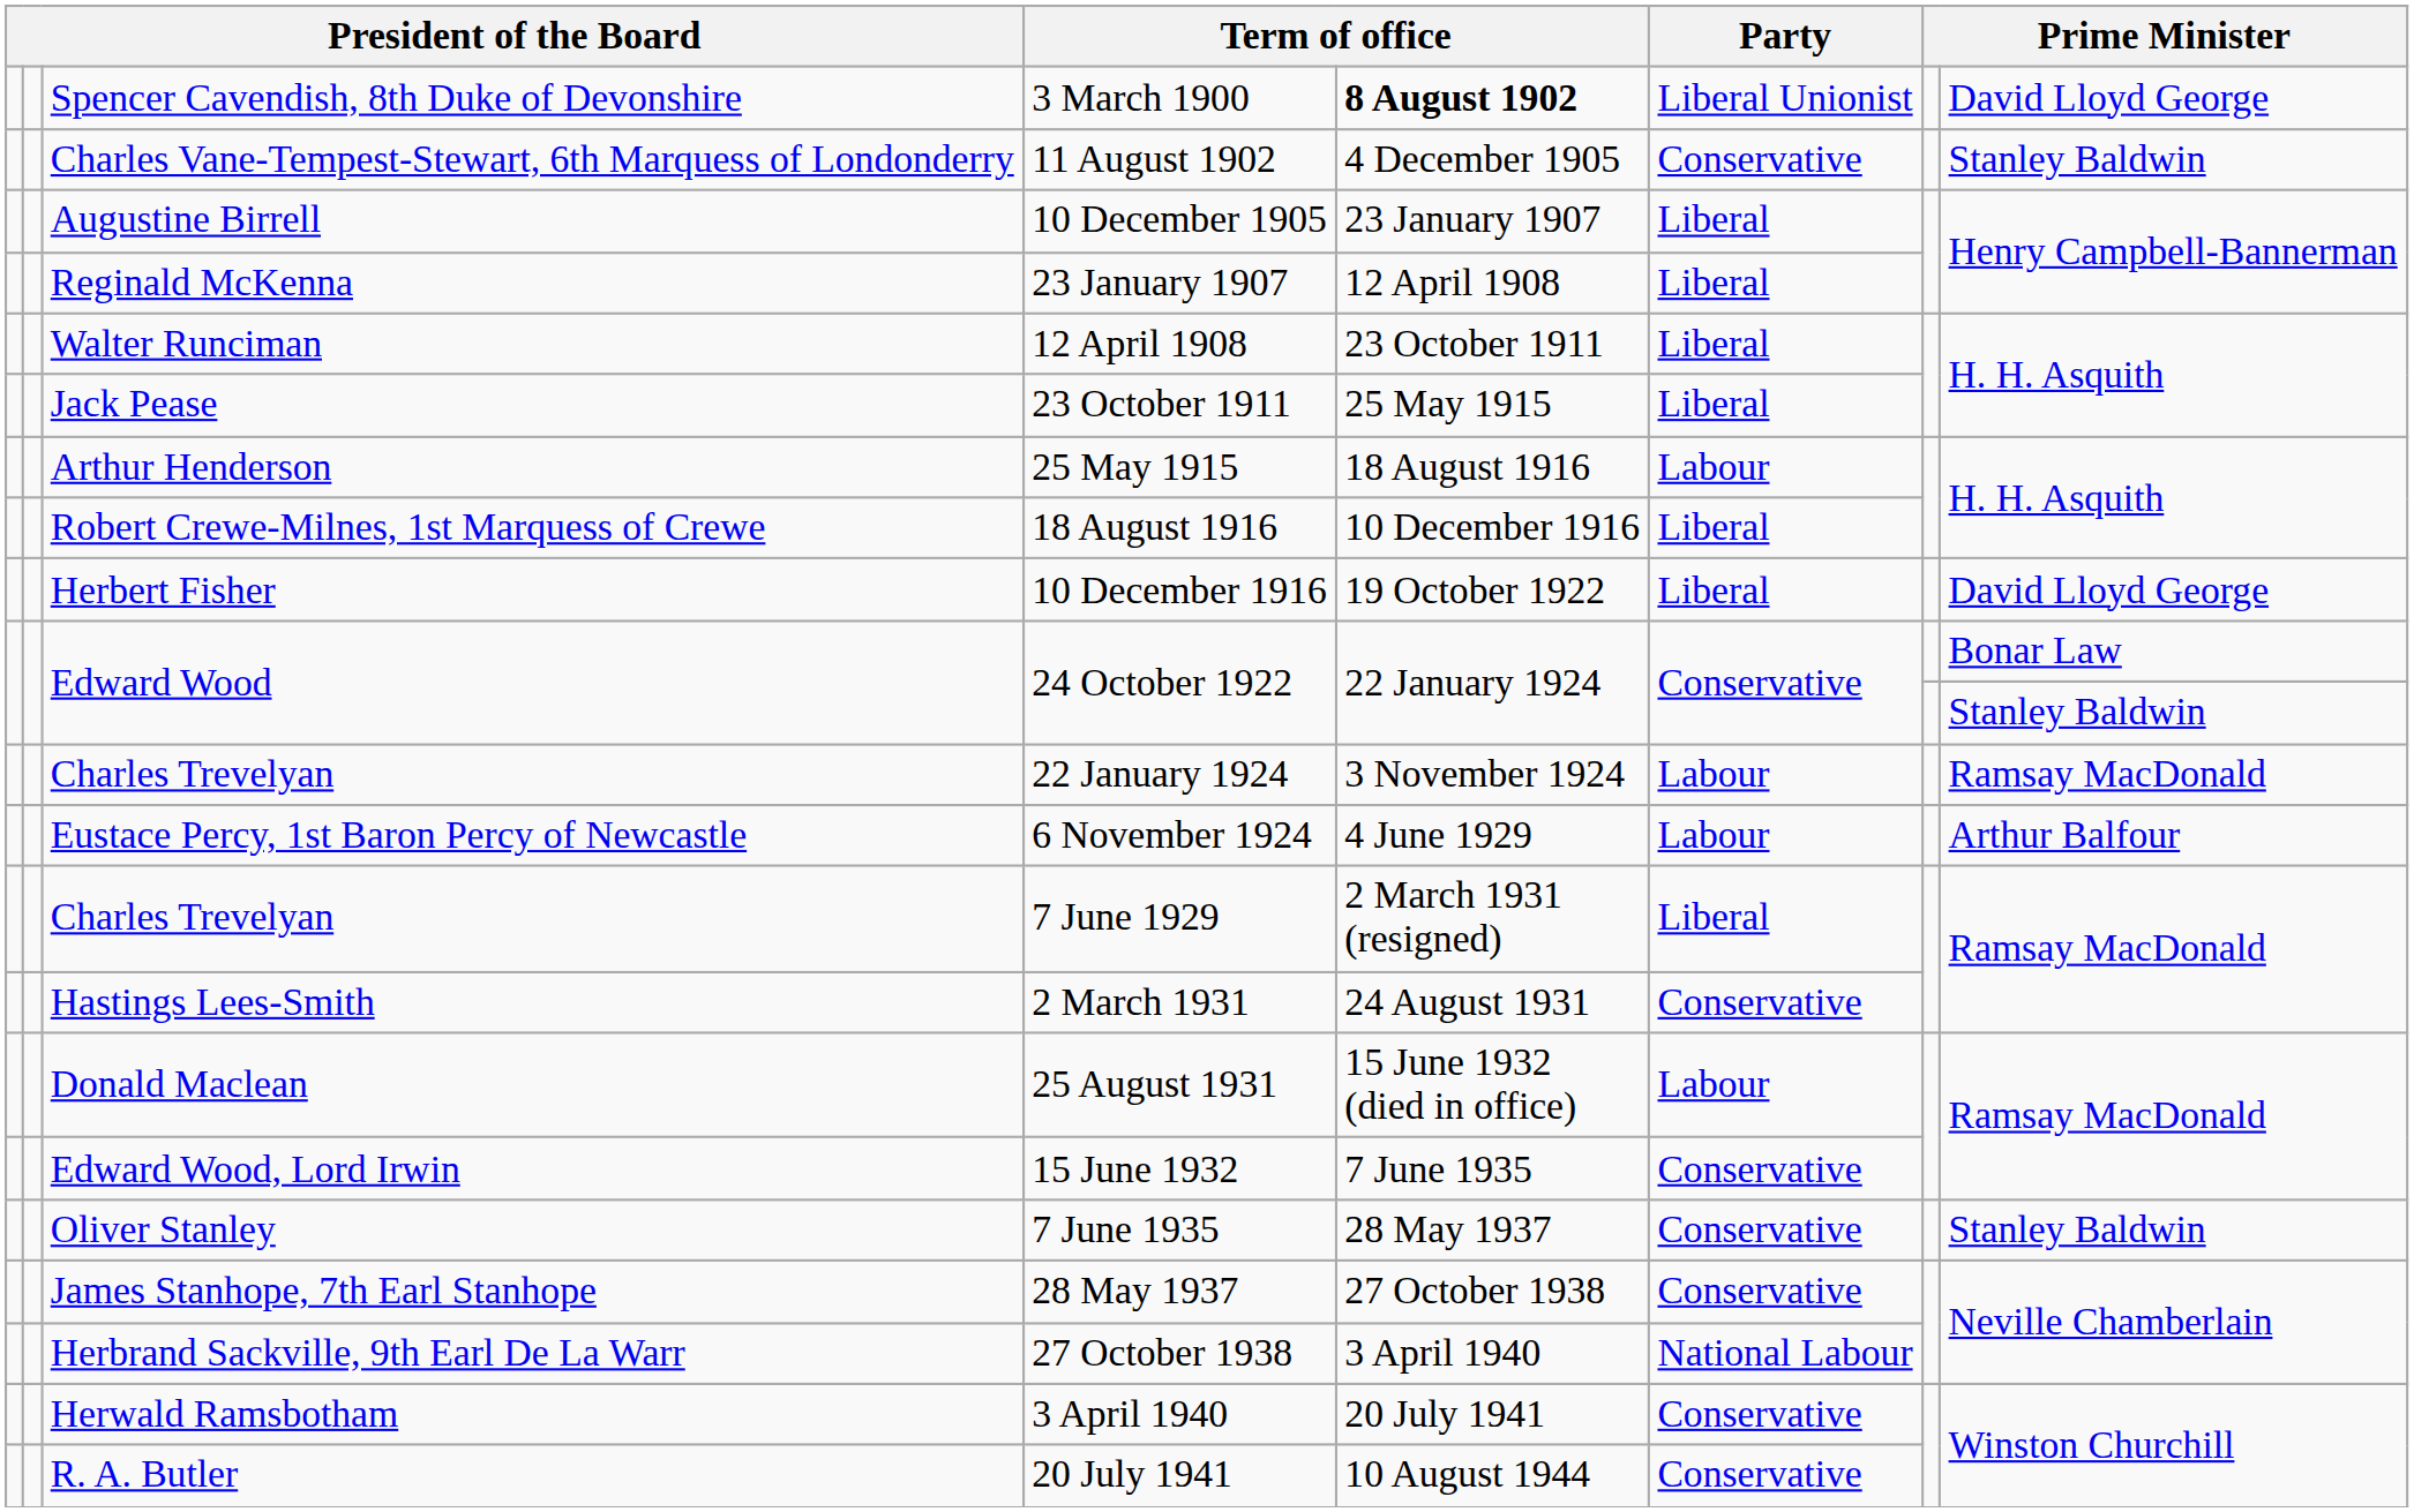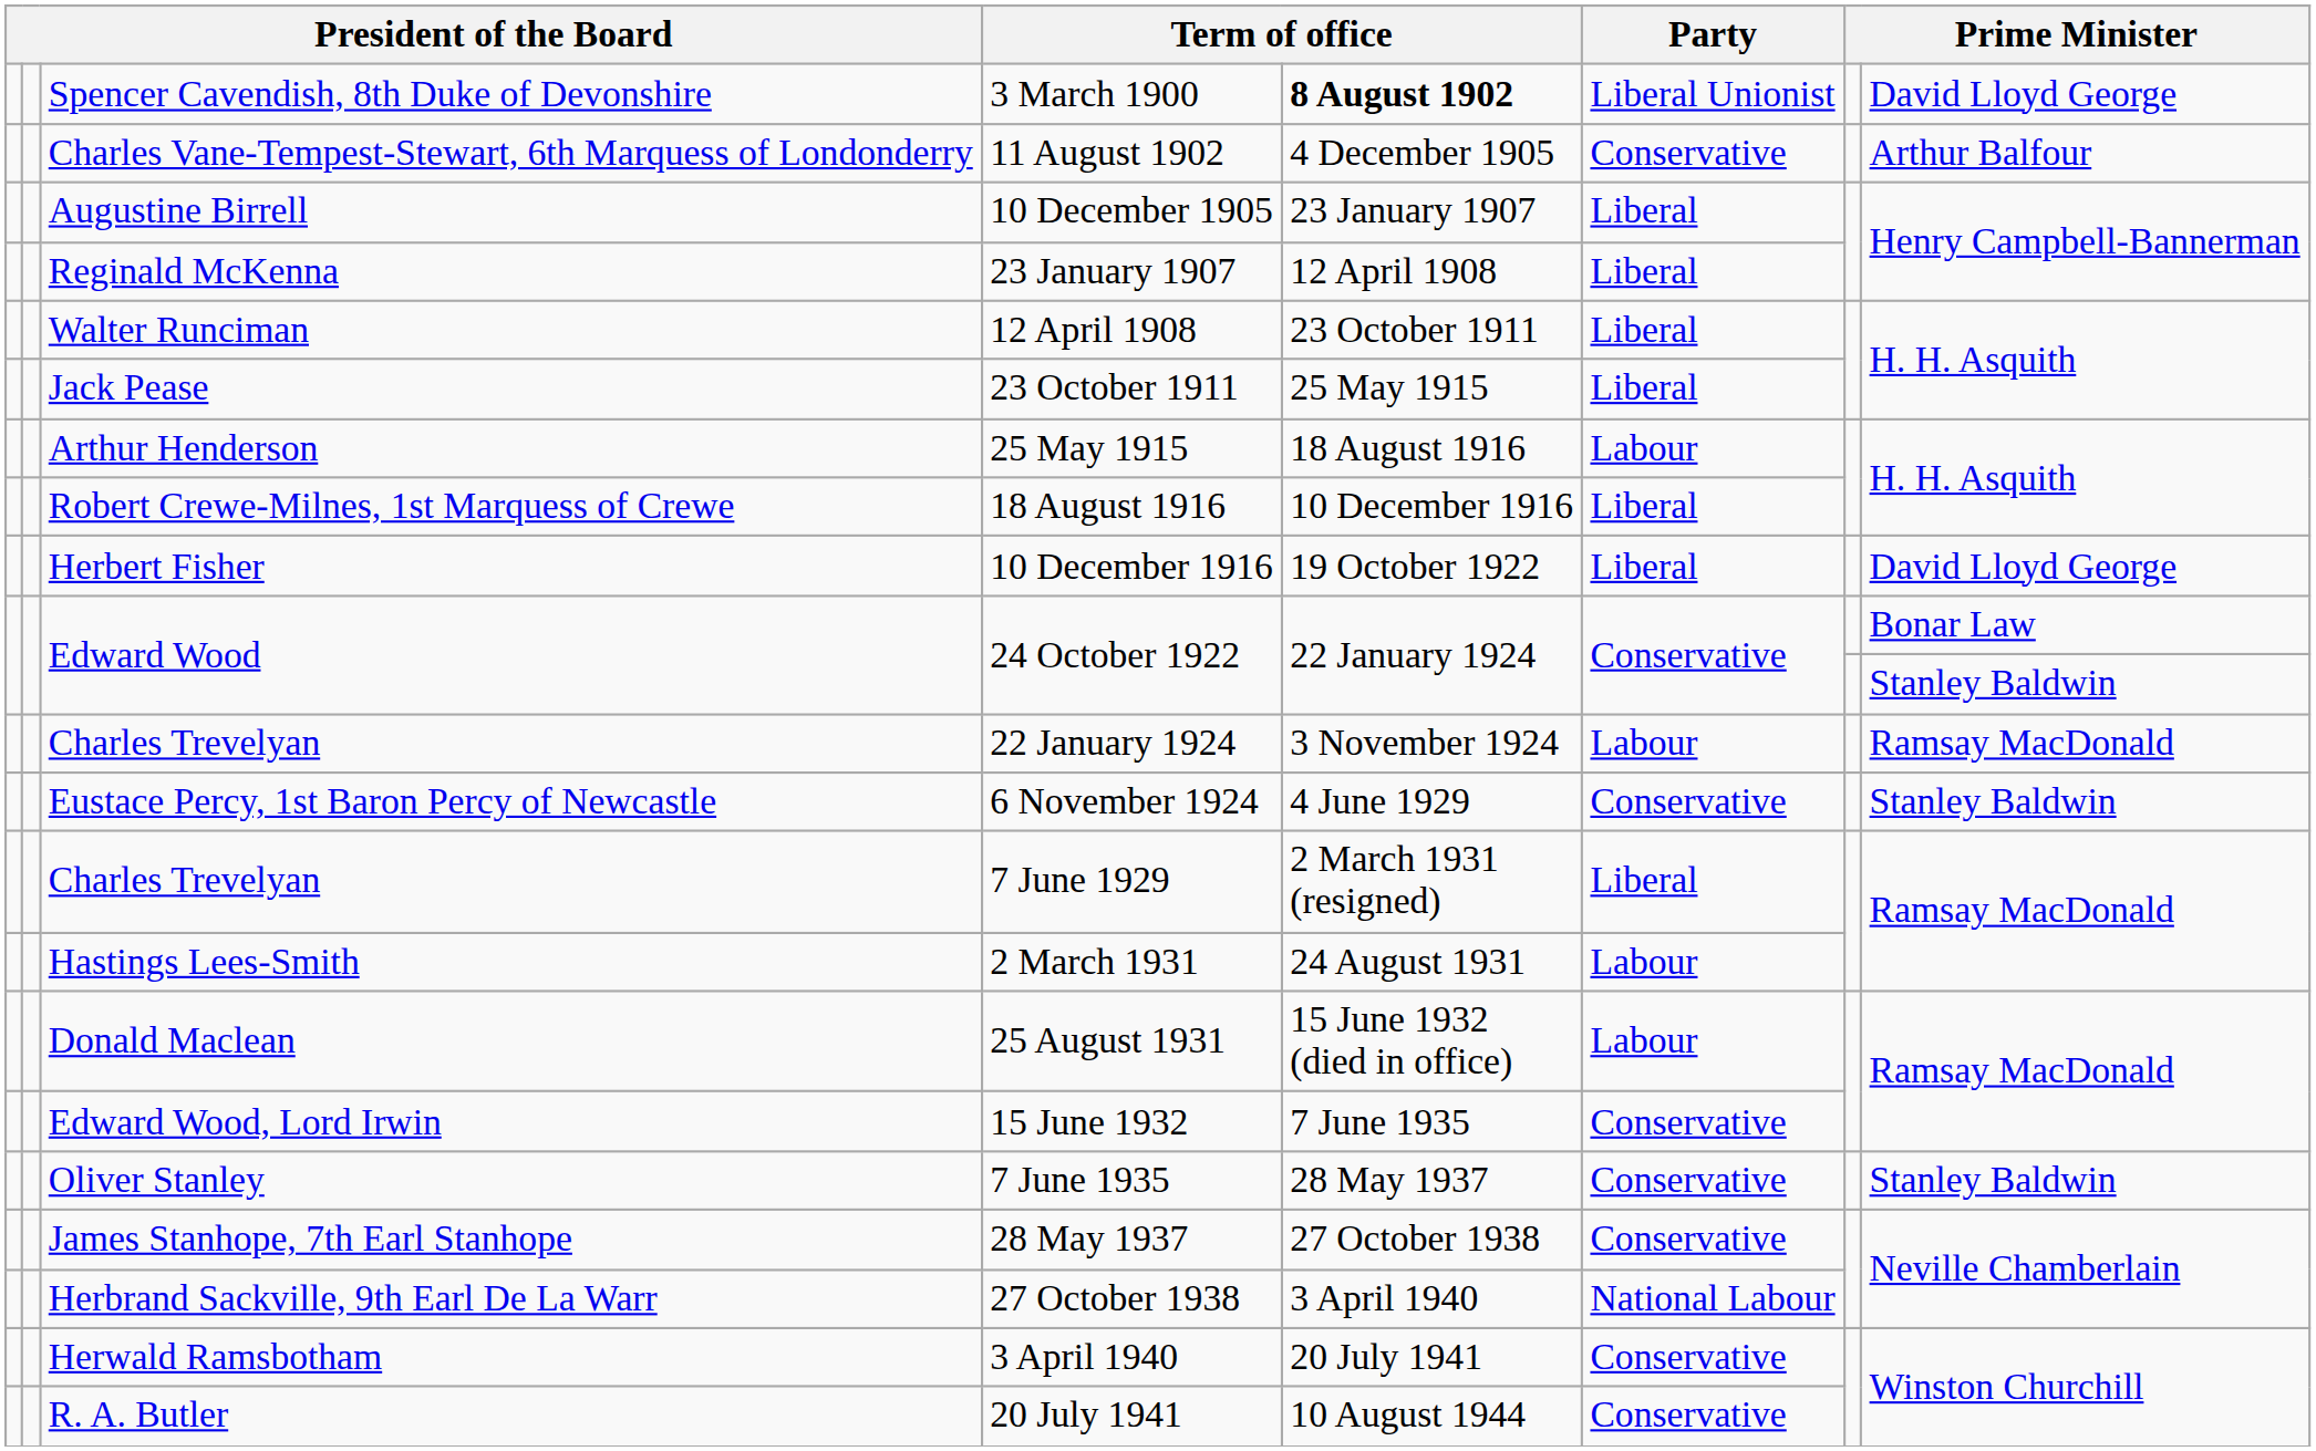 <table class="wikitable">
 <tr>
 <th colspan=3>President of the Board</th>
 <th colspan=2>Term of office</th>
 <th>Party</th>
 <th colspan=2>Prime Minister</th>
 </tr>
 <tr style="height:1em">
 <td style="background-color:"></td>
 <td></td>
 <td><a href='#'>Spencer Cavendish, 8th Duke of Devonshire</a><br></td>
 <td>3 March 1900</td>
 <td><strong>8 August 1902</strong></td>
 <td><a href='#'>Liberal Unionist</a></td>
 <td style="background-color:"></td>
 <td><a href='#'>David Lloyd George</a><br></td>
 </tr>
 <tr style="height:1em">
 <td style="background-color:"></td>
 <td></td>
 <td><a href='#'>Charles Vane-Tempest-Stewart, 6th Marquess of Londonderry</a><br></td>
 <td>11 August 1902</td>
 <td>4 December 1905</td>
 <td><a href='#'>Conservative</a></td>
 <td style="background-color:"></td>
-<td><a href='#'>Stanley Baldwin</a></td>
+<td><a href='#'>Arthur Balfour</a><br></td>
 </tr>
 <tr style="height:1em">
 <td style="background-color:"></td>
 <td></td>
 <td><a href='#'>Augustine Birrell</a></td>
 <td>10 December 1905</td>
 <td>23 January 1907</td>
 <td><a href='#'>Liberal</a></td>
 <td rowspan=2 style="background-color:"></td>
 <td rowspan=2><a href='#'>Henry Campbell-Bannerman</a></td>
 </tr>
 <tr style="height:1em">
 <td style="background-color:"></td>
 <td></td>
 <td><a href='#'>Reginald McKenna</a></td>
 <td>23 January 1907</td>
 <td>12 April 1908</td>
 <td><a href='#'>Liberal</a></td>
 </tr>
 <tr style="height:1em">
 <td style="background-color:"></td>
 <td></td>
 <td><a href='#'>Walter Runciman</a></td>
 <td>12 April 1908</td>
 <td>23 October 1911</td>
 <td><a href='#'>Liberal</a></td>
 <td rowspan=2 style="background-color:"></td>
 <td rowspan=2><a href='#'>H. H. Asquith</a></td>
 </tr>
 <tr style="height:1em">
 <td style="background-color:"></td>
 <td></td>
 <td><a href='#'>Jack Pease</a></td>
 <td>23 October 1911</td>
 <td>25 May 1915</td>
 <td><a href='#'>Liberal</a></td>
 </tr>
 <tr style="height:1em">
 <td style="background-color:"></td>
 <td></td>
 <td><a href='#'>Arthur Henderson</a></td>
 <td>25 May 1915</td>
 <td>18 August 1916</td>
 <td><a href='#'>Labour</a></td>
 <td rowspan=2 style="background-color:"></td>
 <td rowspan=2><a href='#'>H. H. Asquith</a><br></td>
 </tr>
 <tr style="height:1em">
 <td style="background-color:"></td>
 <td></td>
 <td><a href='#'>Robert Crewe-Milnes, 1st Marquess of Crewe</a></td>
 <td>18 August 1916</td>
 <td>10 December 1916</td>
 <td><a href='#'>Liberal</a></td>
 </tr>
 <tr style="height:1em">
 <td style="background-color:"></td>
 <td></td>
 <td><a href='#'>Herbert Fisher</a></td>
 <td>10 December 1916</td>
 <td>19 October 1922</td>
 <td><a href='#'>Liberal</a></td>
 <td style="background-color:"></td>
 <td><a href='#'>David Lloyd George</a><br></td>
 </tr>
 <tr style="height:1em">
 <td rowspan=2 style="background-color:"></td>
 <td rowspan=2></td>
 <td rowspan=2><a href='#'>Edward Wood</a></td>
 <td rowspan=2>24 October 1922</td>
 <td rowspan=2>22 January 1924</td>
 <td rowspan=2><a href='#'>Conservative</a></td>
 <td style="background-color:"></td>
 <td><a href='#'>Bonar Law</a></td>
 </tr>
 <tr style="height:1em">
 <td style="background-color:"></td>
 <td><a href='#'>Stanley Baldwin</a></td>
 </tr>
 <tr style="height:1em">
 <td style="background-color:"></td>
 <td></td>
 <td><a href='#'>Charles Trevelyan</a></td>
 <td>22 January 1924</td>
 <td>3 November 1924</td>
 <td><a href='#'>Labour</a></td>
 <td style="background-color:"></td>
 <td><a href='#'>Ramsay MacDonald</a></td>
 </tr>
 <tr style="height:1em">
 <td style="background-color:"></td>
 <td></td>
 <td><a href='#'>Eustace Percy, 1st Baron Percy of Newcastle</a></td>
 <td>6 November 1924</td>
 <td>4 June 1929</td>
-<td><a href='#'>Labour</a></td>
+<td><a href='#'>Conservative</a></td>
 <td style="background-color:"></td>
-<td><a href='#'>Arthur Balfour</a><br></td>
+<td><a href='#'>Stanley Baldwin</a></td>
 </tr>
 <tr style="height:1em">
 <td style="background-color:"></td>
 <td></td>
 <td><a href='#'>Charles Trevelyan</a></td>
 <td>7 June 1929</td>
 <td>2 March 1931<br>(resigned)</td>
 <td><a href='#'>Liberal</a></td>
 <td rowspan=2 style="background-color:"></td>
 <td rowspan=2><a href='#'>Ramsay MacDonald</a></td>
 </tr>
 <tr style="height:1em">
 <td style="background-color:"></td>
 <td></td>
 <td><a href='#'>Hastings Lees-Smith</a></td>
 <td>2 March 1931</td>
 <td>24 August 1931</td>
-<td><a href='#'>Conservative</a></td>
+<td><a href='#'>Labour</a></td>
 </tr>
 <tr style="height:1em">
 <td style="background-color:"></td>
 <td></td>
 <td><a href='#'>Donald Maclean</a></td>
 <td>25 August 1931</td>
 <td>15 June 1932<br>(died in office)</td>
 <td><a href='#'>Labour</a></td>
 <td rowspan=2 style="background-color:"></td>
 <td rowspan=2><a href='#'>Ramsay MacDonald</a><br></td>
 </tr>
 <tr style="height:1em">
 <td style="background-color:"></td>
 <td></td>
 <td><a href='#'>Edward Wood, Lord Irwin<br></a></td>
 <td>15 June 1932</td>
 <td>7 June 1935</td>
 <td><a href='#'>Conservative</a></td>
 </tr>
 <tr style="height:1em">
 <td style="background-color:"></td>
 <td></td>
 <td><a href='#'>Oliver Stanley</a></td>
 <td>7 June 1935</td>
 <td>28 May 1937</td>
 <td><a href='#'>Conservative</a></td>
 <td style="background-color:"></td>
 <td><a href='#'>Stanley Baldwin</a><br></td>
 </tr>
 <tr style="height:1em">
 <td style="background-color:"></td>
 <td></td>
 <td><a href='#'>James Stanhope, 7th Earl Stanhope</a></td>
 <td>28 May 1937</td>
 <td>27 October 1938</td>
 <td><a href='#'>Conservative</a></td>
 <td rowspan=2 style="background-color:"></td>
 <td rowspan=2><a href='#'>Neville Chamberlain</a><br></td>
 </tr>
 <tr style="height:1em">
 <td style="background-color:"></td>
 <td></td>
 <td><a href='#'>Herbrand Sackville, 9th Earl De La Warr</a></td>
 <td>27 October 1938</td>
 <td>3 April 1940</td>
 <td><a href='#'>National Labour</a></td>
 </tr>
 <tr style="height:1em">
 <td style="background-color:"></td>
 <td></td>
 <td><a href='#'>Herwald Ramsbotham</a></td>
 <td>3 April 1940</td>
 <td>20 July 1941</td>
 <td><a href='#'>Conservative</a></td>
 <td rowspan=2 style="background-color:"></td>
 <td rowspan=2><a href='#'>Winston Churchill</a><br></td>
 </tr>
 <tr style="height:1em">
 <td style="background-color:"></td>
 <td></td>
 <td><a href='#'>R. A. Butler</a></td>
 <td>20 July 1941</td>
 <td>10 August 1944</td>
 <td><a href='#'>Conservative</a></td>
 </tr>
 </table>
